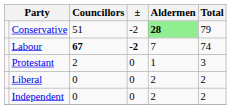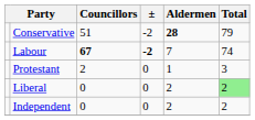 <table class="wikitable">
 <tr>
 <th colspan="2">Party</th>
 <th>Councillors</th>
 <th>  ±  </th>
 <th>Aldermen</th>
 <th>Total</th>
 </tr>
 <tr>
 <td style="background-color: "></td>
 <td><a href='#'>Conservative</a></td>
 <td>51</td>
 <td>-2</td>
-<td style="background: lightgreen;"><strong>28</strong></td>
+<td><strong>28</strong></td>
 <td>79</td>
 </tr>
 <tr>
 <td style="background-color: "></td>
 <td><a href='#'>Labour</a></td>
 <td><strong>67</strong></td>
 <td><strong>-2</strong></td>
 <td>7</td>
 <td>74</td>
 </tr>
 <tr>
 <td style="background-color: "></td>
 <td><a href='#'>Protestant</a></td>
 <td>2</td>
 <td>0</td>
 <td>1</td>
 <td>3</td>
 </tr>
 <tr>
 <td style="background-color: "></td>
 <td><a href='#'>Liberal</a></td>
 <td>0</td>
 <td>0</td>
 <td>2</td>
-<td>2</td>
+<td style="background: lightgreen;">2</td>
 </tr>
 <tr>
 <td style="background-color: "></td>
 <td><a href='#'>Independent</a></td>
 <td>0</td>
 <td>0</td>
 <td>2</td>
 <td>2</td>
 </tr>
 <tr>
 </tr>
 </table>
